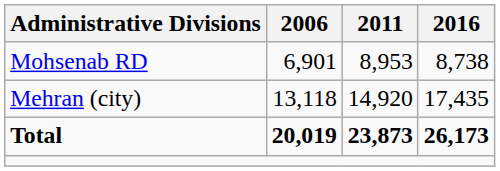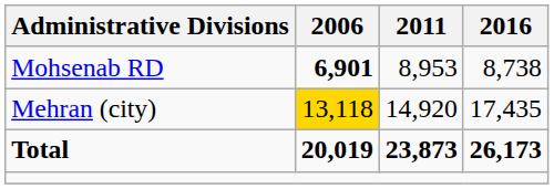 <table class="wikitable">
 <tr>
 <th>Administrative Divisions</th>
 <th>2006</th>
 <th>2011</th>
 <th>2016</th>
 </tr>
 <tr>
 <td><a href='#'>Mohsenab RD</a></td>
-<td style="text-align: right;">6,901</td>
+<td style="text-align: right;"><strong>6,901</strong></td>
 <td style="text-align: right;">8,953</td>
 <td style="text-align: right;">8,738</td>
 </tr>
 <tr>
 <td><a href='#'>Mehran</a> (city)</td>
-<td style="text-align: right;">13,118</td>
+<td style="background: gold; text-align: right;">13,118</td>
 <td style="text-align: right;">14,920</td>
 <td style="text-align: right;">17,435</td>
 </tr>
 <tr>
 <td><strong>Total</strong></td>
 <td style="text-align: right;"><strong>20,019</strong></td>
 <td style="text-align: right;"><strong>23,873</strong></td>
 <td style="text-align: right;"><strong>26,173</strong></td>
 </tr>
 <tr>
 <td colspan=4></td>
 </tr>
 </table>
